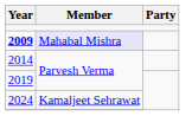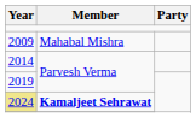 <table class="wikitable">
 <tr>
 <th>Year</th>
 <th>Member</th>
 <th colspan="2">Party</th>
 </tr>
 <tr>
 <td colspan="4"></td>
 </tr>
 <tr>
-<td><strong><a href='#'>2009</a></strong></td>
-<td style="background: lavender;"><a href='#'>Mahabal Mishra</a></td>
+<td><a href='#'>2009</a></td>
+<td><a href='#'>Mahabal Mishra</a></td>
 <td></td>
 </tr>
 <tr>
 <td><a href='#'>2014</a></td>
 <td rowspan="2"><a href='#'>Parvesh Verma</a></td>
 <td></td>
 </tr>
 <tr>
 <td><a href='#'>2019</a></td>
 </tr>
 <tr>
-<td><a href='#'>2024</a></td>
-<td><a href='#'>Kamaljeet Sehrawat</a></td>
+<td style="background: khaki;"><a href='#'>2024</a></td>
+<td><strong><a href='#'>Kamaljeet Sehrawat</a></strong></td>
 </tr>
 <tr>
 </tr>
 </table>
